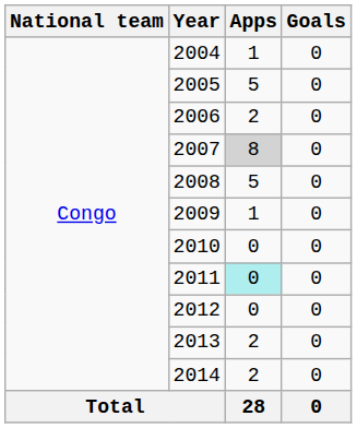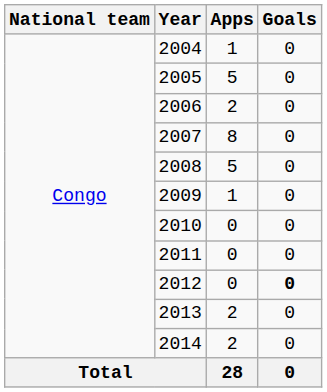 <table class="wikitable" style="text-align:center">
 <tr>
 <th>National team</th>
 <th>Year</th>
 <th>Apps</th>
 <th>Goals</th>
 </tr>
 <tr>
 <td rowspan="11"><a href='#'>Congo</a></td>
 <td>2004</td>
 <td>1</td>
 <td>0</td>
 </tr>
 <tr>
 <td>2005</td>
 <td>5</td>
 <td>0</td>
 </tr>
 <tr>
 <td>2006</td>
 <td>2</td>
 <td>0</td>
 </tr>
 <tr>
 <td>2007</td>
-<td style="background: lightgrey;">8</td>
+<td>8</td>
 <td>0</td>
 </tr>
 <tr>
 <td>2008</td>
 <td>5</td>
 <td>0</td>
 </tr>
 <tr>
 <td>2009</td>
 <td>1</td>
 <td>0</td>
 </tr>
 <tr>
 <td>2010</td>
 <td>0</td>
 <td>0</td>
 </tr>
 <tr>
 <td>2011</td>
-<td style="background: paleturquoise;">0</td>
+<td>0</td>
 <td>0</td>
 </tr>
 <tr>
 <td>2012</td>
 <td>0</td>
-<td>0</td>
+<td><strong>0</strong></td>
 </tr>
 <tr>
 <td>2013</td>
 <td>2</td>
 <td>0</td>
 </tr>
 <tr>
 <td>2014</td>
 <td>2</td>
 <td>0</td>
 </tr>
 <tr>
 <th colspan="2">Total</th>
 <th>28</th>
 <th>0</th>
 </tr>
 </table>
